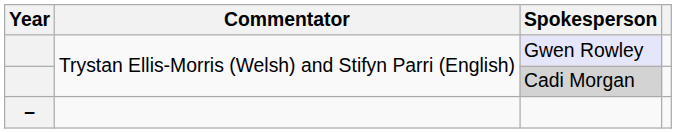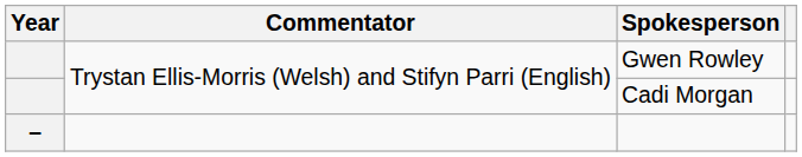 <table class="wikitable sortable plainrowheaders">
 <tr>
 <th>Year</th>
 <th>Commentator</th>
 <th>Spokesperson</th>
 <th class="unsortable"></th>
 </tr>
 <tr>
 <th scope="row"></th>
 <td rowspan="2">Trystan Ellis-Morris (Welsh) and Stifyn Parri (English)</td>
-<td style="background: lavender;">Gwen Rowley</td>
+<td>Gwen Rowley</td>
 <td></td>
 </tr>
 <tr>
 <th scope="row"></th>
-<td style="background: lightgrey;">Cadi Morgan</td>
+<td>Cadi Morgan</td>
 <td></td>
 </tr>
 <tr>
 <th scope="row">–</th>
 <td></td>
 <td></td>
 <td></td>
 </tr>
 </table>
